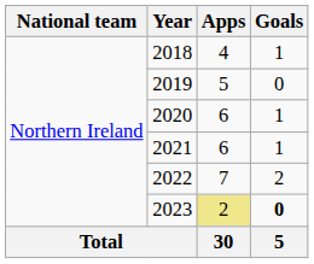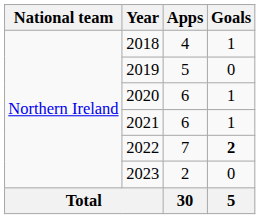 <table class=wikitable style="text-align:center">
 <tr>
 <th>National team</th>
 <th>Year</th>
 <th>Apps</th>
 <th>Goals</th>
 </tr>
 <tr>
 <td rowspan=6><a href='#'>Northern Ireland</a></td>
 <td>2018</td>
 <td>4</td>
 <td>1</td>
 </tr>
 <tr>
 <td>2019</td>
 <td>5</td>
 <td>0</td>
 </tr>
 <tr>
 <td>2020</td>
 <td>6</td>
 <td>1</td>
 </tr>
 <tr>
 <td>2021</td>
 <td>6</td>
 <td>1</td>
 </tr>
 <tr>
 <td>2022</td>
 <td>7</td>
-<td>2</td>
+<td><strong>2</strong></td>
 </tr>
 <tr>
 <td>2023</td>
-<td style="background: khaki;">2</td>
-<td><strong>0</strong></td>
+<td>2</td>
+<td>0</td>
 </tr>
 <tr>
 <th colspan=2>Total</th>
 <th>30</th>
 <th>5</th>
 </tr>
 </table>
